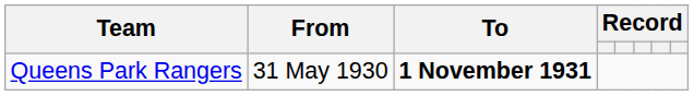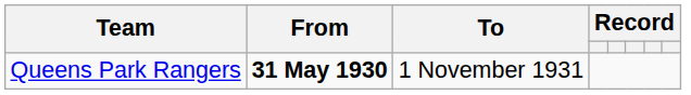 <table class=wikitable style="text-align: center">
 <tr>
 <th rowspan=2>Team</th>
 <th rowspan=2>From</th>
 <th rowspan=2>To</th>
 <th colspan=5>Record</th>
 </tr>
 <tr>
 <th></th>
 <th></th>
 <th></th>
 <th></th>
 <th></th>
 </tr>
 <tr>
 <td align=left><a href='#'>Queens Park Rangers</a></td>
-<td align=left>31 May 1930</td>
-<td align=left><strong>1 November 1931<br></strong></td>
+<td align=left><strong>31 May 1930</strong></td>
+<td align=left>1 November 1931<br></td>
 </tr>
 </table>
